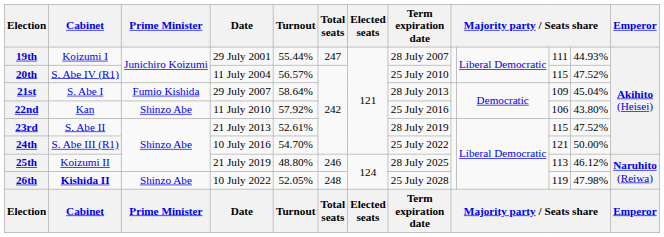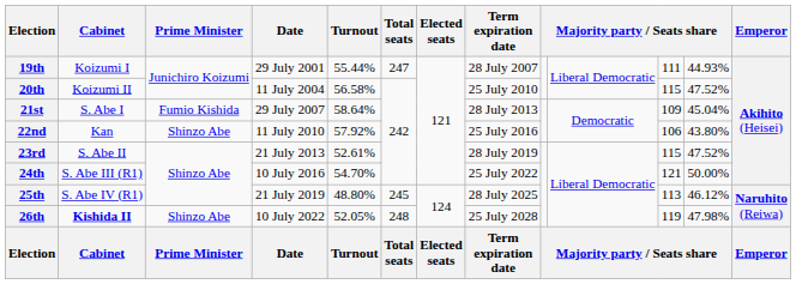 <table class="wikitable plainrowheaders" style="text-align:center">
 <tr>
 <th>Election</th>
 <th><a href='#'>Cabinet</a></th>
 <th><a href='#'>Prime Minister</a></th>
 <th>Date</th>
 <th>Turnout</th>
 <th>Total<br>seats</th>
 <th>Elected<br>seats</th>
 <th>Term<br>expiration<br>date</th>
 <th colspan=4><a href='#'>Majority party</a> / Seats share</th>
 <th><a href='#'>Emperor</a><br></th>
 </tr>
 <tr>
 <th><a href='#'>19th</a></th>
 <td><a href='#'>Koizumi I</a></td>
 <td rowspan=2><a href='#'>Junichiro Koizumi</a></td>
 <td>29 July 2001</td>
 <td>55.44%</td>
 <td>247</td>
 <td rowspan="6">121</td>
 <td style="text-align:left">28 July 2007</td>
 <td rowspan=2 style="background-color: "></td>
 <td rowspan=2 style="white-space:nowrap"><a href='#'>Liberal Democratic</a></td>
 <td>111</td>
 <td>44.93%</td>
 <th rowspan=6 style="font-weight:normal"><a href='#'><strong>Akihito</strong><br>(Heisei)</a><br><div></div></th>
 </tr>
 <tr>
 <th><a href='#'>20th</a></th>
-<td><a href='#'>S. Abe IV (R1)</a></td>
+<td><a href='#'>Koizumi II</a></td>
 <td>11 July 2004</td>
-<td>56.57%</td>
+<td>56.58%</td>
 <td rowspan="5">242</td>
 <td style="text-align:left">25 July 2010</td>
 <td>115</td>
 <td>47.52%</td>
 </tr>
 <tr>
 <th><a href='#'>21st</a></th>
 <td><a href='#'>S. Abe I</a></td>
 <td><a href='#'>Fumio Kishida</a></td>
 <td>29 July 2007</td>
 <td>58.64%</td>
 <td style="text-align:left">28 July 2013</td>
 <td rowspan=2 style="background-color: "></td>
 <td rowspan=2 style="white-space:nowrap"><a href='#'>Democratic</a></td>
 <td>109</td>
 <td>45.04%</td>
 </tr>
 <tr>
 <th><a href='#'>22nd</a></th>
 <td><a href='#'>Kan</a></td>
 <td><a href='#'>Shinzo Abe</a></td>
 <td>11 July 2010</td>
 <td>57.92%</td>
 <td style="text-align:left">25 July 2016</td>
 <td>106</td>
 <td>43.80%</td>
 </tr>
 <tr>
 <th><a href='#'>23rd</a></th>
 <td><a href='#'>S. Abe II</a></td>
 <td rowspan=3><a href='#'>Shinzo Abe</a></td>
 <td>21 July 2013</td>
 <td>52.61%</td>
 <td style="text-align:left">28 July 2019</td>
 <td rowspan=4 style="background-color: "></td>
 <td rowspan=4 style="white-space:nowrap"><a href='#'>Liberal Democratic</a></td>
 <td>115</td>
 <td>47.52%</td>
 </tr>
 <tr>
 <th><a href='#'>24th</a></th>
 <td><a href='#'>S. Abe III (R1)</a></td>
 <td>10 July 2016</td>
 <td>54.70%</td>
 <td style="text-align:left">25 July 2022</td>
 <td>121</td>
 <td>50.00%</td>
 </tr>
 <tr>
 <th><a href='#'>25th</a></th>
-<td><a href='#'>Koizumi II</a></td>
+<td><a href='#'>S. Abe IV (R1)</a></td>
 <td>21 July 2019</td>
 <td>48.80%</td>
-<td>246</td>
+<td>245</td>
 <td rowspan="2">124</td>
 <td style="text-align:left">28 July 2025</td>
 <td>113</td>
 <td>46.12%</td>
 <th rowspan=2 style="font-weight:normal"><a href='#'><strong>Naruhito</strong><br>(Reiwa)</a><br><div></div></th>
 </tr>
 <tr>
 <th><a href='#'>26th</a></th>
 <td><strong><a href='#'>Kishida II</a></strong></td>
 <td><a href='#'>Shinzo Abe</a></td>
 <td>10 July 2022</td>
 <td>52.05%</td>
 <td>248</td>
 <td style="text-align:left">25 July 2028</td>
 <td>119</td>
 <td>47.98%</td>
 </tr>
 <tr>
 <th>Election</th>
 <th><a href='#'>Cabinet</a></th>
 <th><a href='#'>Prime Minister</a></th>
 <th>Date</th>
 <th>Turnout</th>
 <th>Total<br>seats</th>
 <th>Elected<br>seats</th>
 <th>Term<br>expiration<br>date</th>
 <th colspan=4><a href='#'>Majority party</a> / Seats share</th>
 <th><a href='#'>Emperor</a><br></th>
 </tr>
 </table>
